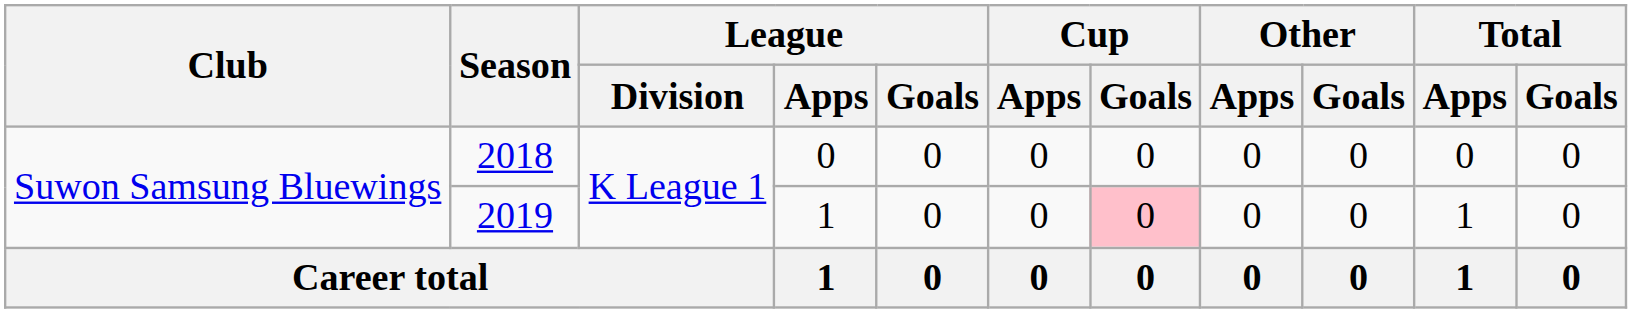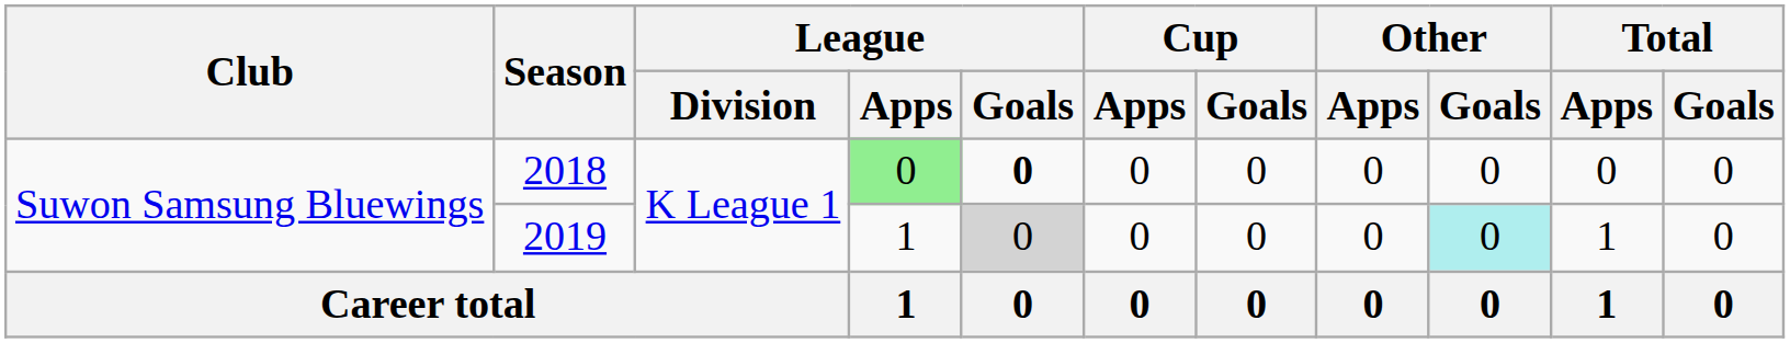 <table class="wikitable" style="text-align: center">
 <tr>
 <th rowspan="2">Club</th>
 <th rowspan="2">Season</th>
 <th colspan="3">League</th>
 <th colspan="2">Cup</th>
 <th colspan="2">Other</th>
 <th colspan="2">Total</th>
 </tr>
 <tr>
 <th>Division</th>
 <th>Apps</th>
 <th>Goals</th>
 <th>Apps</th>
 <th>Goals</th>
 <th>Apps</th>
 <th>Goals</th>
 <th>Apps</th>
 <th>Goals</th>
 </tr>
 <tr>
 <td rowspan="2"><a href='#'>Suwon Samsung Bluewings</a></td>
 <td><a href='#'>2018</a></td>
 <td rowspan="2"><a href='#'>K League 1</a></td>
-<td>0</td>
-<td>0</td>
+<td style="background: lightgreen;">0</td>
+<td><strong>0</strong></td>
 <td>0</td>
 <td>0</td>
 <td>0</td>
 <td>0</td>
 <td>0</td>
 <td>0</td>
 </tr>
 <tr>
 <td><a href='#'>2019</a></td>
 <td>1</td>
+<td style="background: lightgrey;">0</td>
 <td>0</td>
 <td>0</td>
-<td style="background: pink;">0</td>
 <td>0</td>
-<td>0</td>
+<td style="background: paleturquoise;">0</td>
 <td>1</td>
 <td>0</td>
 </tr>
 <tr>
 <th colspan=3>Career total</th>
 <th>1</th>
 <th>0</th>
 <th>0</th>
 <th>0</th>
 <th>0</th>
 <th>0</th>
 <th>1</th>
 <th>0</th>
 </tr>
 </table>
